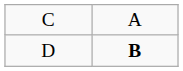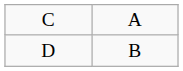 <table class="wikitable" style="margin:0.5em 1em; width:9em; text-align:center;" cellpadding=5>
 <tr>
 <td width="50%">C</td>
 <td width="50%">A</td>
 </tr>
 <tr>
 <td width="50%">D</td>
-<td width="50%"><strong>B</strong></td>
+<td width="50%">B</td>
 </tr>
 </table>
